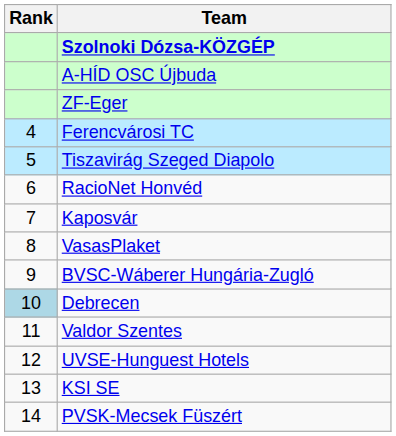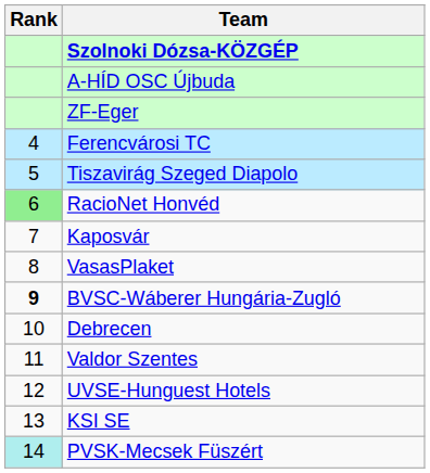 <table class="wikitable">
 <tr>
 <th width=40>Rank</th>
 <th width=290>Team</th>
 </tr>
 <tr bgcolor=#ccffcc>
 <td align="center"></td>
 <td align="left"> <strong><a href='#'>Szolnoki Dózsa-KÖZGÉP</a></strong></td>
 </tr>
 <tr bgcolor=#ccffcc>
 <td align="center"></td>
 <td align="left"> <a href='#'>A-HÍD OSC Újbuda</a></td>
 </tr>
 <tr bgcolor=#ccffcc>
 <td align="center"></td>
 <td align="left"> <a href='#'>ZF-Eger</a></td>
 </tr>
 <tr bgcolor=#bbebff>
 <td align="center">4</td>
 <td align="left"> <a href='#'>Ferencvárosi TC</a></td>
 </tr>
 <tr bgcolor=#bbebff>
 <td align="center">5</td>
 <td align="left"> <a href='#'>Tiszavirág Szeged Diapolo</a></td>
 </tr>
 <tr>
-<td align="center">6</td>
+<td align="center" style="background: lightgreen;">6</td>
 <td align="left"> <a href='#'>RacioNet Honvéd</a></td>
 </tr>
 <tr>
 <td align="center">7</td>
 <td align="left"> <a href='#'>Kaposvár</a></td>
 </tr>
 <tr>
 <td align="center">8</td>
 <td align="left"> <a href='#'>VasasPlaket</a></td>
 </tr>
 <tr>
-<td align="center">9</td>
+<td align="center"><strong>9</strong></td>
 <td align="left"> <a href='#'>BVSC-Wáberer Hungária-Zugló</a></td>
 </tr>
 <tr>
-<td align="center" style="background: lightblue;">10</td>
+<td align="center">10</td>
 <td align="left"> <a href='#'>Debrecen</a></td>
 </tr>
 <tr>
 <td align="center">11</td>
 <td align="left"> <a href='#'>Valdor Szentes</a></td>
 </tr>
 <tr>
 <td align="center">12</td>
 <td align="left"> <a href='#'>UVSE-Hunguest Hotels</a></td>
 </tr>
 <tr>
 <td align="center">13</td>
 <td align="left"> <a href='#'>KSI SE</a></td>
 </tr>
 <tr>
-<td align="center">14</td>
+<td align="center" style="background: paleturquoise;">14</td>
 <td align="left"> <a href='#'>PVSK-Mecsek Füszért</a></td>
 </tr>
 </table>
